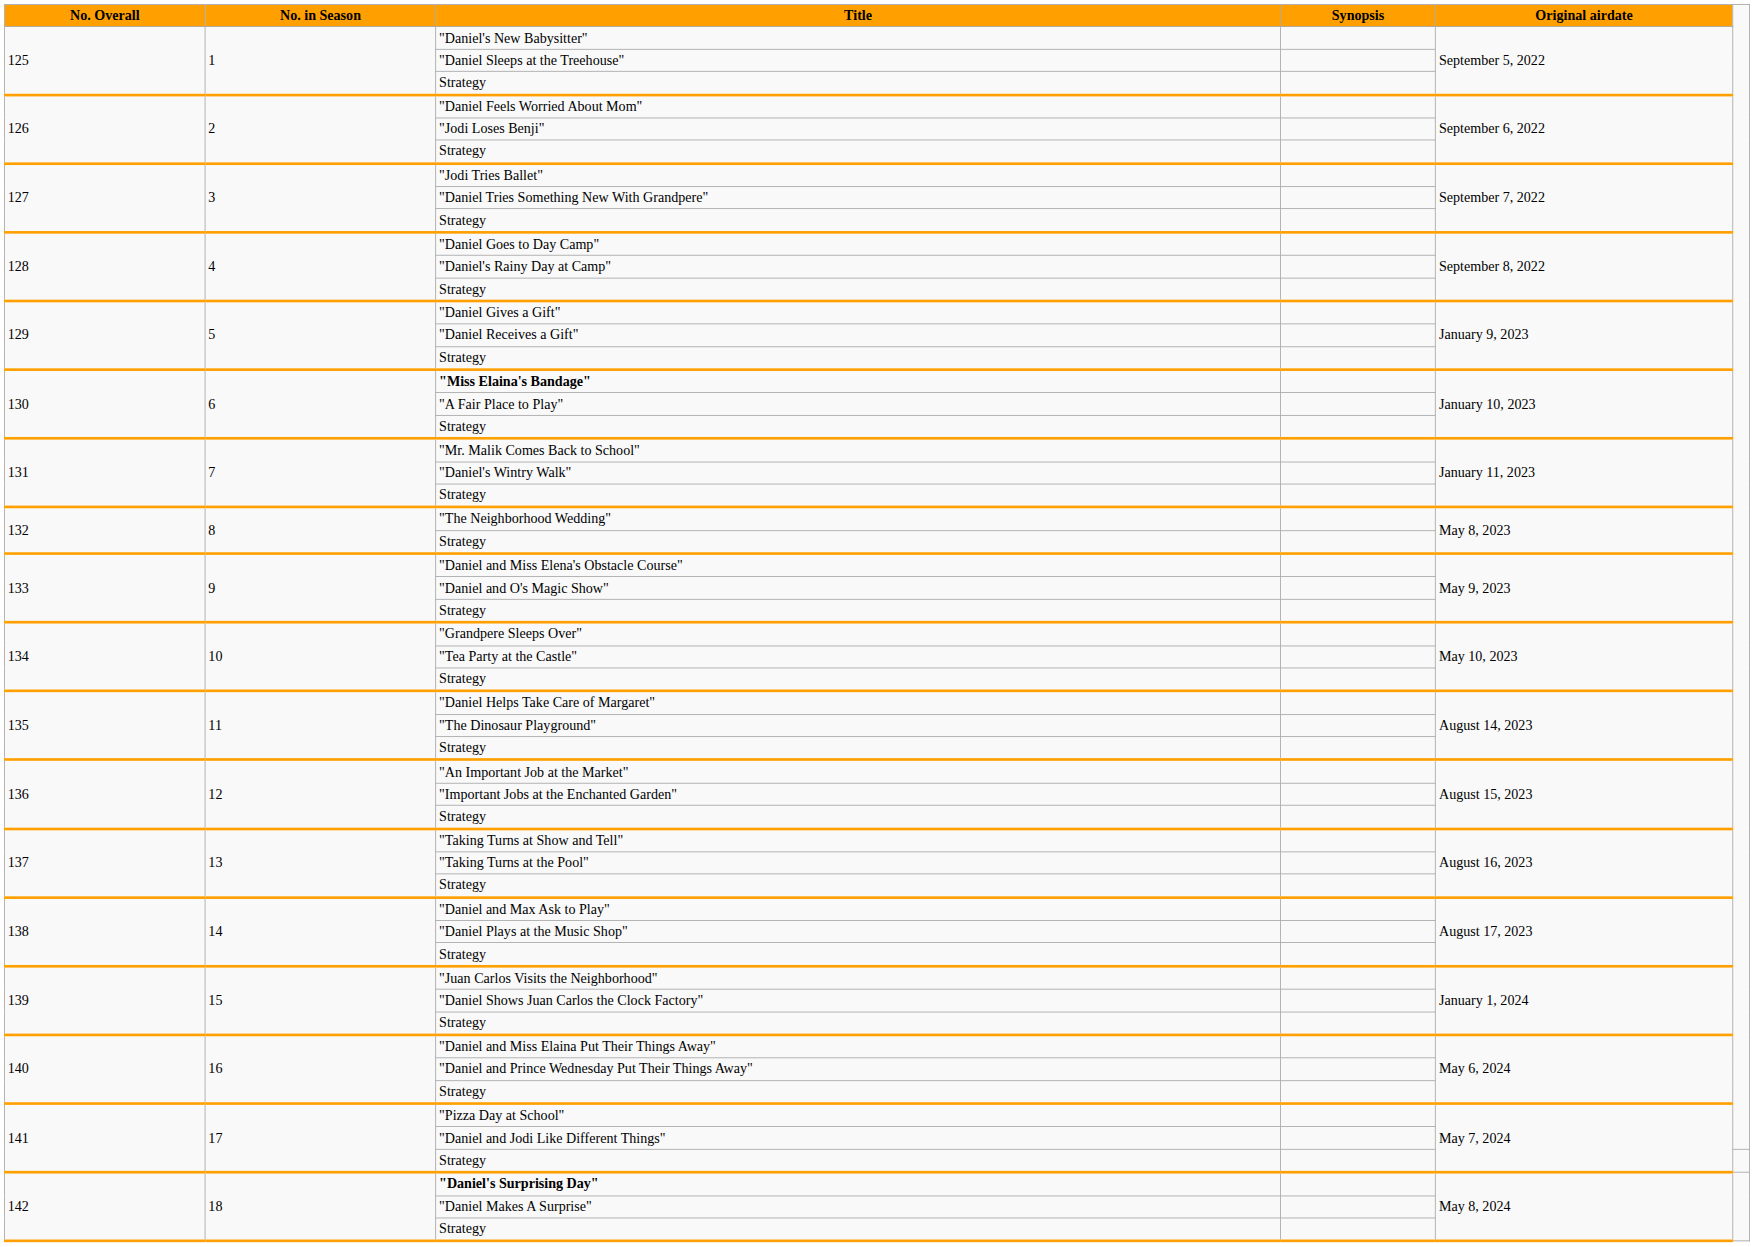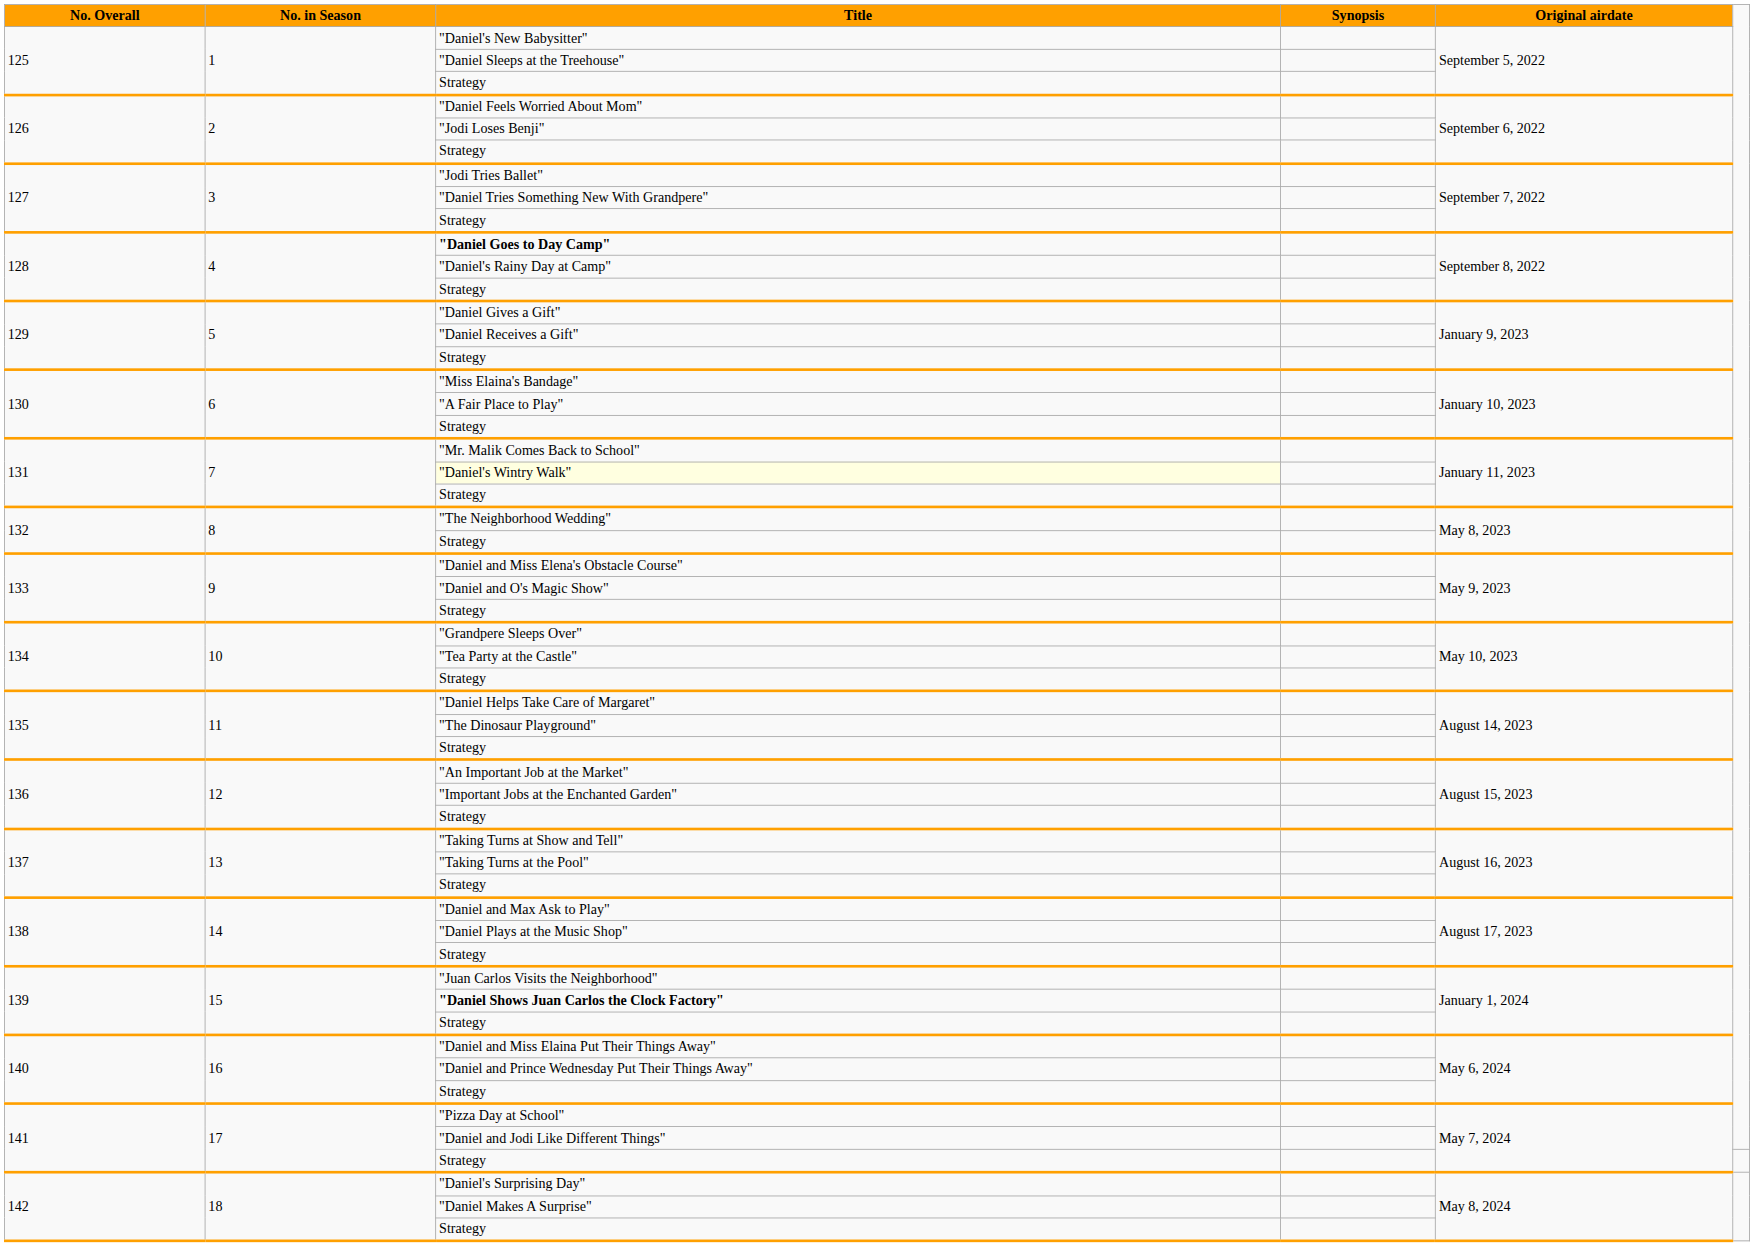 <table style="width:100%;" class="wikitable plainrowheaders">
 <tr>
 <th style="background:#FFA000;">No. Overall</th>
 <th style="background:#FFA000;">No. in Season</th>
 <th style="background:#FFA000;">Title</th>
 <th style="background:#FFA000;">Synopsis</th>
 <th style="background:#FFA000;">Original airdate</th>
 </tr>
 <tr>
 <td rowspan="3" style="border-bottom: 3px solid #FFA000">125</td>
 <td rowspan="3" style="border-bottom: 3px solid #FFA000">1</td>
 <td style="white-space:nowrap">"Daniel's New Babysitter"</td>
 <td></td>
 <td rowspan="3" style="border-bottom: 3px solid #FFA000;">September 5, 2022</td>
 </tr>
 <tr>
 <td>"Daniel Sleeps at the Treehouse"</td>
 <td></td>
 </tr>
 <tr>
 <td style="border-bottom: 3px solid #FFA000;">Strategy</td>
 <td style="border-bottom: 3px solid #FFA000;"></td>
 </tr>
 <tr>
 <td rowspan="3" style="border-bottom: 3px solid #FFA000">126</td>
 <td rowspan="3" style="border-bottom: 3px solid #FFA000">2</td>
 <td style="white-space:nowrap">"Daniel Feels Worried About Mom"</td>
 <td></td>
 <td rowspan="3" style="border-bottom: 3px solid #FFA000;">September 6, 2022</td>
 </tr>
 <tr>
 <td>"Jodi Loses Benji"</td>
 <td></td>
 </tr>
 <tr>
 <td style="border-bottom: 3px solid #FFA000;">Strategy</td>
 <td style="border-bottom: 3px solid #FFA000;"></td>
 </tr>
 <tr>
 <td rowspan="3" style="border-bottom: 3px solid #FFA000">127</td>
 <td rowspan="3" style="border-bottom: 3px solid #FFA000">3</td>
 <td style="white-space:nowrap">"Jodi Tries Ballet"</td>
 <td></td>
 <td rowspan="3" style="border-bottom: 3px solid #FFA000;">September 7, 2022</td>
 </tr>
 <tr>
 <td>"Daniel Tries Something New With Grandpere"</td>
 <td></td>
 </tr>
 <tr>
 <td style="border-bottom: 3px solid #FFA000;">Strategy</td>
 <td style="border-bottom: 3px solid #FFA000;"></td>
 </tr>
 <tr>
 <td rowspan="3" style="border-bottom: 3px solid #FFA000">128</td>
 <td rowspan="3" style="border-bottom: 3px solid #FFA000">4</td>
-<td style="white-space:nowrap">"Daniel Goes to Day Camp"</td>
+<td style="white-space:nowrap"><strong>"Daniel Goes to Day Camp"</strong></td>
 <td></td>
 <td rowspan="3" style="border-bottom: 3px solid #FFA000;">September 8, 2022</td>
 </tr>
 <tr>
 <td>"Daniel's Rainy Day at Camp"</td>
 <td></td>
 </tr>
 <tr>
 <td style="border-bottom: 3px solid #FFA000;">Strategy</td>
 <td style="border-bottom: 3px solid #FFA000;"></td>
 </tr>
 <tr>
 <td rowspan="3" style="border-bottom: 3px solid #FFA000">129</td>
 <td rowspan="3" style="border-bottom: 3px solid #FFA000">5</td>
 <td style="white-space:nowrap">"Daniel Gives a Gift"</td>
 <td></td>
 <td rowspan="3" style="border-bottom: 3px solid #FFA000;">January 9, 2023</td>
 </tr>
 <tr>
 <td>"Daniel Receives a Gift"</td>
 <td></td>
 </tr>
 <tr>
 <td style="border-bottom: 3px solid #FFA000;">Strategy</td>
 <td style="border-bottom: 3px solid #FFA000;"></td>
 </tr>
 <tr>
 <td rowspan="3" style="border-bottom: 3px solid #FFA000">130</td>
 <td rowspan="3" style="border-bottom: 3px solid #FFA000">6</td>
-<td style="white-space:nowrap"><strong>"Miss Elaina's Bandage"</strong></td>
+<td style="white-space:nowrap">"Miss Elaina's Bandage"</td>
 <td></td>
 <td rowspan="3" style="border-bottom: 3px solid #FFA000;">January 10, 2023</td>
 </tr>
 <tr>
 <td>"A Fair Place to Play"</td>
 <td></td>
 </tr>
 <tr>
 <td style="border-bottom: 3px solid #FFA000;">Strategy</td>
 <td style="border-bottom: 3px solid #FFA000;"></td>
 </tr>
 <tr>
 <td rowspan="3" style="border-bottom: 3px solid #FFA000">131</td>
 <td rowspan="3" style="border-bottom: 3px solid #FFA000">7</td>
 <td style="white-space:nowrap">"Mr. Malik Comes Back to School"</td>
 <td></td>
 <td rowspan="3" style="border-bottom: 3px solid #FFA000;">January 11, 2023</td>
 </tr>
 <tr>
-<td>"Daniel's Wintry Walk"</td>
+<td style="background: lightyellow;">"Daniel's Wintry Walk"</td>
 <td></td>
 </tr>
 <tr>
 <td style="border-bottom: 3px solid #FFA000;">Strategy</td>
 <td style="border-bottom: 3px solid #FFA000;"></td>
 </tr>
 <tr>
 <td rowspan="2" style="border-bottom: 3px solid #FFA000">132</td>
 <td rowspan="2" style="border-bottom: 3px solid #FFA000">8</td>
 <td style="white-space:nowrap">"The Neighborhood Wedding"</td>
 <td></td>
 <td rowspan="2" style="border-bottom: 3px solid #FFA000;">May 8, 2023</td>
 </tr>
 <tr>
 <td style="border-bottom: 3px solid #FFA000;">Strategy</td>
 <td style="border-bottom: 3px solid #FFA000;"></td>
 </tr>
 <tr>
 <td rowspan="3" style="border-bottom: 3px solid #FFA000">133</td>
 <td rowspan="3" style="border-bottom: 3px solid #FFA000">9</td>
 <td style="white-space:nowrap">"Daniel and Miss Elena's Obstacle Course"</td>
 <td></td>
 <td rowspan="3" style="border-bottom: 3px solid #FFA000;">May 9, 2023</td>
 </tr>
 <tr>
 <td>"Daniel and O's Magic Show"</td>
 <td></td>
 </tr>
 <tr>
 <td style="border-bottom: 3px solid #FFA000;">Strategy</td>
 <td style="border-bottom: 3px solid #FFA000;"></td>
 </tr>
 <tr>
 <td rowspan="3" style="border-bottom: 3px solid #FFA000">134</td>
 <td rowspan="3" style="border-bottom: 3px solid #FFA000">10</td>
 <td style="white-space:nowrap">"Grandpere Sleeps Over"</td>
 <td></td>
 <td rowspan="3" style="border-bottom: 3px solid #FFA000;">May 10, 2023</td>
 </tr>
 <tr>
 <td>"Tea Party at the Castle"</td>
 <td></td>
 </tr>
 <tr>
 <td style="border-bottom: 3px solid #FFA000;">Strategy</td>
 <td style="border-bottom: 3px solid #FFA000;"></td>
 </tr>
 <tr>
 <td rowspan="3" style="border-bottom: 3px solid #FFA000">135</td>
 <td rowspan="3" style="border-bottom: 3px solid #FFA000">11</td>
 <td style="white-space:nowrap">"Daniel Helps Take Care of Margaret"</td>
 <td></td>
 <td rowspan="3" style="border-bottom: 3px solid #FFA000;">August 14, 2023</td>
 </tr>
 <tr>
 <td>"The Dinosaur Playground"</td>
 <td></td>
 </tr>
 <tr>
 <td style="border-bottom: 3px solid #FFA000;">Strategy</td>
 <td style="border-bottom: 3px solid #FFA000;"></td>
 </tr>
 <tr>
 <td rowspan="3" style="border-bottom: 3px solid #FFA000">136</td>
 <td rowspan="3" style="border-bottom: 3px solid #FFA000">12</td>
 <td style="white-space:nowrap">"An Important Job at the Market"</td>
 <td></td>
 <td rowspan="3" style="border-bottom: 3px solid #FFA000;">August 15, 2023</td>
 </tr>
 <tr>
 <td>"Important Jobs at the Enchanted Garden"</td>
 <td></td>
 </tr>
 <tr>
 <td style="border-bottom: 3px solid #FFA000;">Strategy</td>
 <td style="border-bottom: 3px solid #FFA000;"></td>
 </tr>
 <tr>
 <td rowspan="3" style="border-bottom: 3px solid #FFA000">137</td>
 <td rowspan="3" style="border-bottom: 3px solid #FFA000">13</td>
 <td style="white-space:nowrap">"Taking Turns at Show and Tell"</td>
 <td></td>
 <td rowspan="3" style="border-bottom: 3px solid #FFA000;">August 16, 2023</td>
 </tr>
 <tr>
 <td>"Taking Turns at the Pool"</td>
 <td></td>
 </tr>
 <tr>
 <td style="border-bottom: 3px solid #FFA000;">Strategy</td>
 <td style="border-bottom: 3px solid #FFA000;"></td>
 </tr>
 <tr>
 <td rowspan="3" style="border-bottom: 3px solid #FFA000">138</td>
 <td rowspan="3" style="border-bottom: 3px solid #FFA000">14</td>
 <td style="white-space:nowrap">"Daniel and Max Ask to Play"</td>
 <td></td>
 <td rowspan="3" style="border-bottom: 3px solid #FFA000;">August 17, 2023</td>
 </tr>
 <tr>
 <td>"Daniel Plays at the Music Shop"</td>
 <td></td>
 </tr>
 <tr>
 <td style="border-bottom: 3px solid #FFA000;">Strategy</td>
 <td style="border-bottom: 3px solid #FFA000;"></td>
 </tr>
 <tr>
 <td rowspan="3" style="border-bottom: 3px solid #FFA000">139</td>
 <td rowspan="3" style="border-bottom: 3px solid #FFA000">15</td>
 <td style="white-space:nowrap">"Juan Carlos Visits the Neighborhood"</td>
 <td></td>
 <td rowspan="3" style="border-bottom: 3px solid #FFA000;">January 1, 2024</td>
 </tr>
 <tr>
-<td>"Daniel Shows Juan Carlos the Clock Factory"</td>
+<td><strong>"Daniel Shows Juan Carlos the Clock Factory"</strong></td>
 <td></td>
 </tr>
 <tr>
 <td style="border-bottom: 3px solid #FFA000;">Strategy</td>
 <td style="border-bottom: 3px solid #FFA000;"></td>
 </tr>
 <tr>
 <td rowspan="3" style="border-bottom: 3px solid #FFA000">140</td>
 <td rowspan="3" style="border-bottom: 3px solid #FFA000">16</td>
 <td style="white-space:nowrap">"Daniel and Miss Elaina Put Their Things Away"</td>
 <td></td>
 <td rowspan="3" style="border-bottom: 3px solid #FFA000;">May 6, 2024</td>
 </tr>
 <tr>
 <td>"Daniel and Prince Wednesday Put Their Things Away"</td>
 <td></td>
 </tr>
 <tr>
 <td style="border-bottom: 3px solid #FFA000;">Strategy</td>
 <td style="border-bottom: 3px solid #FFA000;"></td>
 </tr>
 <tr>
 <td rowspan="3" style="border-bottom: 3px solid #FFA000">141</td>
 <td rowspan="3" style="border-bottom: 3px solid #FFA000">17</td>
 <td style="white-space:nowrap">"Pizza Day at School"</td>
 <td></td>
 <td rowspan="3" style="border-bottom: 3px solid #FFA000;">May 7, 2024</td>
 </tr>
 <tr>
 <td>"Daniel and Jodi Like Different Things"</td>
 <td></td>
 </tr>
 <tr>
 <td style="border-bottom: 3px solid #FFA000;">Strategy</td>
 <td style="border-bottom: 3px solid #FFA000;"></td>
 <td></td>
 </tr>
 <tr>
 <td rowspan="3" style="border-bottom: 3px solid #FFA000">142</td>
 <td rowspan="3" style="border-bottom: 3px solid #FFA000">18</td>
-<td style="white-space:nowrap"><strong>"Daniel's Surprising Day"</strong></td>
+<td style="white-space:nowrap">"Daniel's Surprising Day"</td>
 <td></td>
 <td rowspan="3" style="border-bottom: 3px solid #FFA000;">May 8, 2024</td>
 </tr>
 <tr>
 <td>"Daniel Makes A Surprise"</td>
 <td></td>
 </tr>
 <tr>
 <td style="border-bottom: 3px solid #FFA000;">Strategy</td>
 <td style="border-bottom: 3px solid #FFA000;"></td>
 </tr>
 </table>
